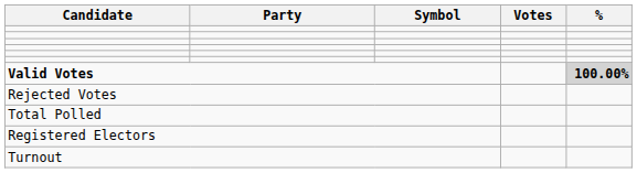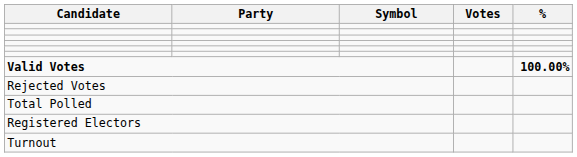 <table class="wikitable" border="1" style="text-align:right;">
 <tr>
 <th align=left width="180">Candidate</th>
 <th align=left width="180">Party</th>
 <th align=left width="120">Symbol</th>
 <th align=left width="60">Votes</th>
 <th align=left width="60">%</th>
 </tr>
 <tr>
 <td align=left></td>
 <td align=left></td>
 <td></td>
 <td></td>
 <td></td>
 </tr>
 <tr>
 <td align=left></td>
 <td align=left></td>
 <td></td>
 <td></td>
 <td></td>
 </tr>
 <tr>
 <td align=left></td>
 <td align=left></td>
 <td></td>
 <td></td>
 <td></td>
 </tr>
 <tr>
 <td align=left></td>
 <td align=left></td>
 <td></td>
 <td></td>
 <td></td>
 </tr>
 <tr>
 <td align=left></td>
 <td align=left></td>
 <td></td>
 <td></td>
 <td></td>
 </tr>
 <tr>
 <td align=left></td>
 <td align=left></td>
 <td></td>
 <td></td>
 <td></td>
 </tr>
 <tr>
 <td align=left colspan=3><strong>Valid Votes</strong></td>
 <td><strong> </strong></td>
-<td style="background: lightgrey;"><strong>100.00%</strong></td>
+<td><strong>100.00%</strong></td>
 </tr>
 <tr>
 <td align=left colspan=3>Rejected Votes</td>
 <td></td>
 <td></td>
 </tr>
 <tr>
 <td align=left colspan=3>Total Polled</td>
 <td></td>
 <td></td>
 </tr>
 <tr>
 <td align=left colspan=3>Registered Electors</td>
 <td></td>
 <td></td>
 </tr>
 <tr>
 <td align=left colspan=3>Turnout</td>
 <td></td>
 </tr>
 </table>
